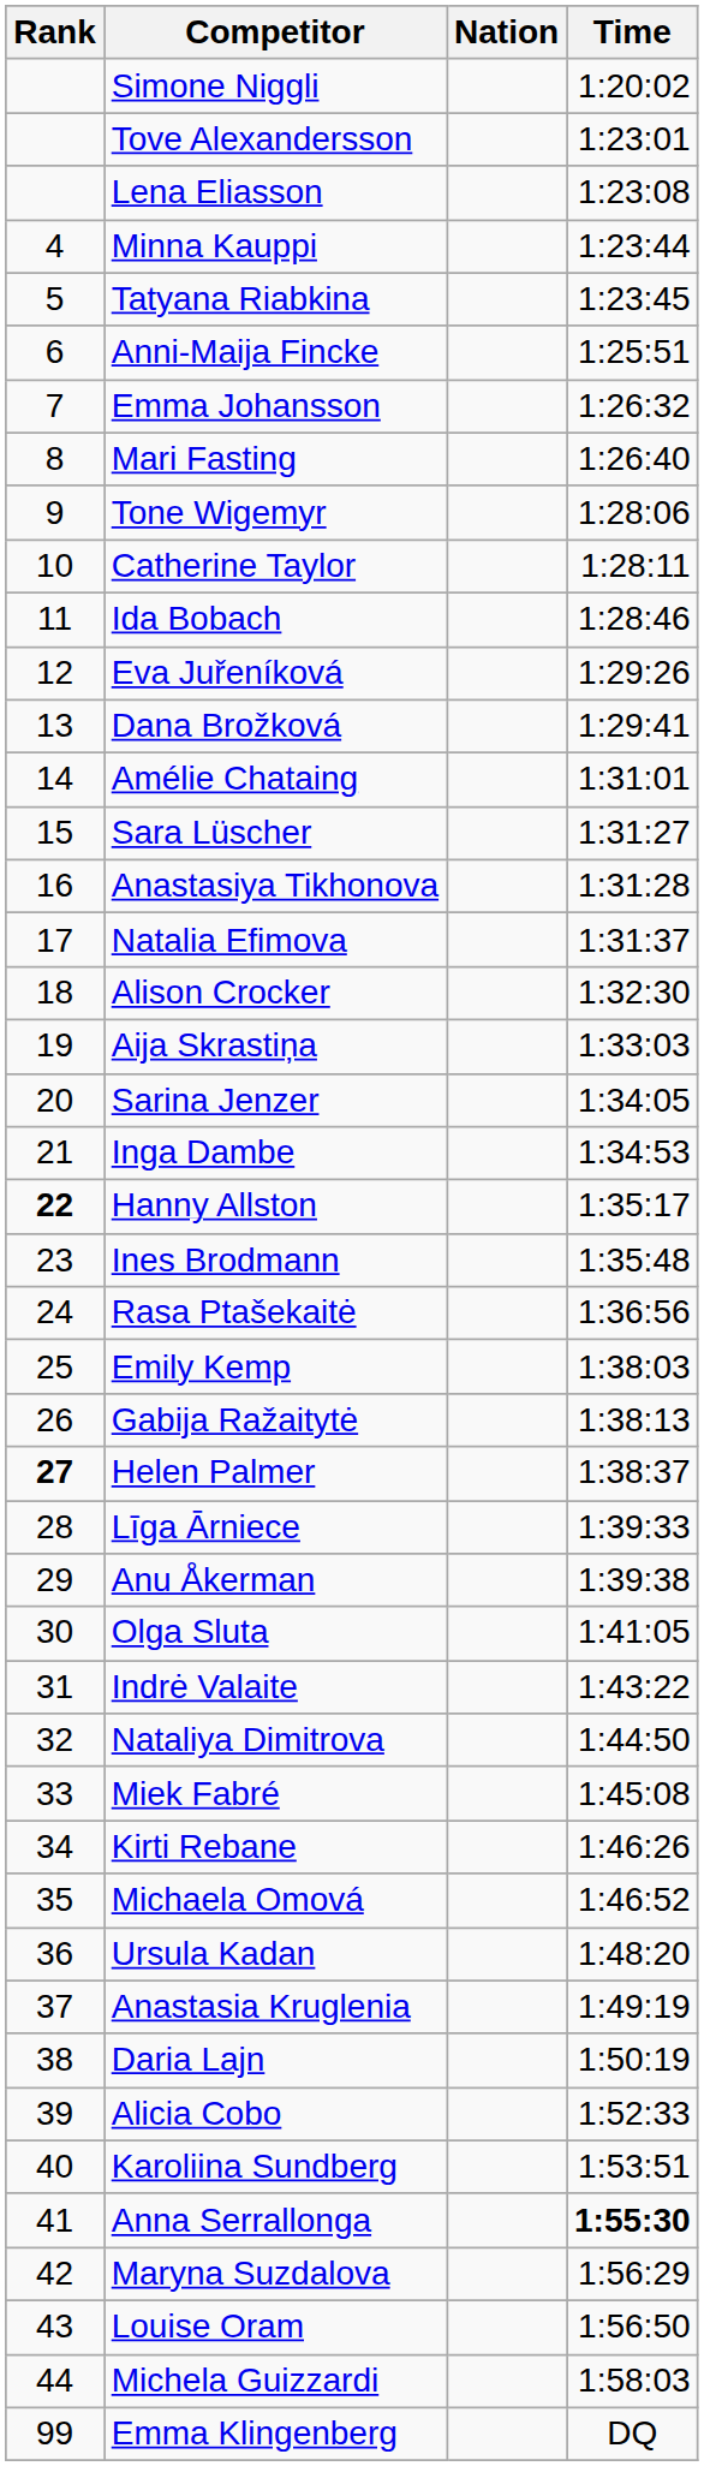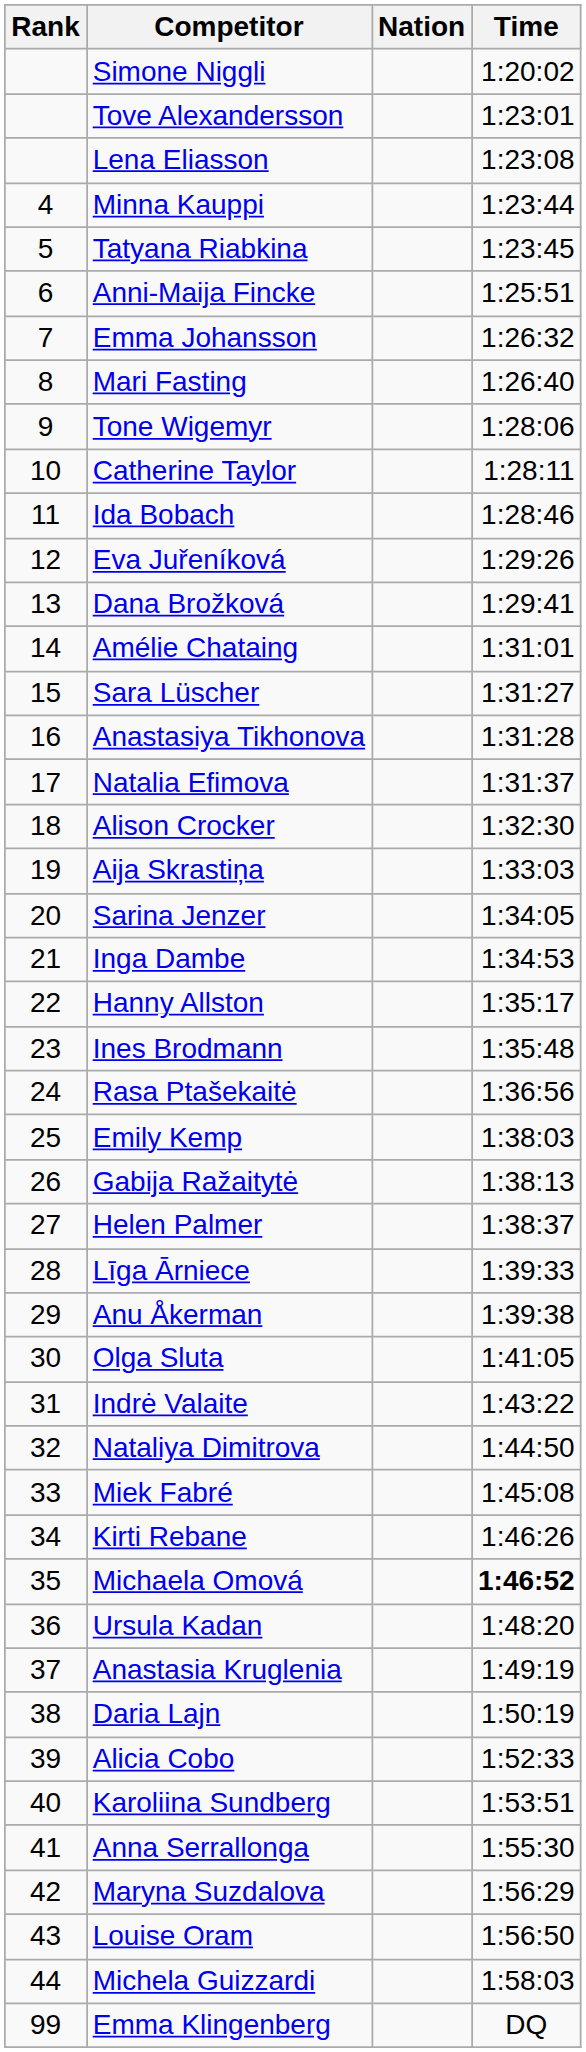 <table class="wikitable sortable" style="text-align:left">
 <tr>
 <th data-sort-type="number">Rank</th>
 <th class="unsortable">Competitor</th>
 <th>Nation</th>
 <th>Time</th>
 </tr>
 <tr>
 <td style="text-align:center"></td>
 <td><a href='#'>Simone Niggli</a></td>
 <td></td>
 <td style="text-align:right">1:20:02</td>
 </tr>
 <tr>
 <td style="text-align:center"></td>
 <td><a href='#'>Tove Alexandersson</a></td>
 <td></td>
 <td style="text-align:right">1:23:01</td>
 </tr>
 <tr>
 <td style="text-align:center"></td>
 <td><a href='#'>Lena Eliasson</a></td>
 <td></td>
 <td style="text-align:right">1:23:08</td>
 </tr>
 <tr>
 <td style="text-align:center">4</td>
 <td><a href='#'>Minna Kauppi</a></td>
 <td></td>
 <td style="text-align:right">1:23:44</td>
 </tr>
 <tr>
 <td style="text-align:center">5</td>
 <td><a href='#'>Tatyana Riabkina</a></td>
 <td></td>
 <td style="text-align:right">1:23:45</td>
 </tr>
 <tr>
 <td style="text-align:center">6</td>
 <td><a href='#'>Anni-Maija Fincke</a></td>
 <td></td>
 <td style="text-align:right">1:25:51</td>
 </tr>
 <tr>
 <td style="text-align:center">7</td>
 <td><a href='#'>Emma Johansson</a></td>
 <td></td>
 <td style="text-align:right">1:26:32</td>
 </tr>
 <tr>
 <td style="text-align:center">8</td>
 <td><a href='#'>Mari Fasting</a></td>
 <td></td>
 <td style="text-align:right">1:26:40</td>
 </tr>
 <tr>
 <td style="text-align:center">9</td>
 <td><a href='#'>Tone Wigemyr</a></td>
 <td></td>
 <td style="text-align:right">1:28:06</td>
 </tr>
 <tr>
 <td style="text-align:center">10</td>
 <td><a href='#'>Catherine Taylor</a></td>
 <td></td>
 <td style="text-align:right">1:28:11</td>
 </tr>
 <tr>
 <td style="text-align:center">11</td>
 <td><a href='#'>Ida Bobach</a></td>
 <td></td>
 <td style="text-align:right">1:28:46</td>
 </tr>
 <tr>
 <td style="text-align:center">12</td>
 <td><a href='#'>Eva Juřeníková</a></td>
 <td></td>
 <td style="text-align:right">1:29:26</td>
 </tr>
 <tr>
 <td style="text-align:center">13</td>
 <td><a href='#'>Dana Brožková</a></td>
 <td></td>
 <td style="text-align:right">1:29:41</td>
 </tr>
 <tr>
 <td style="text-align:center">14</td>
 <td><a href='#'>Amélie Chataing</a></td>
 <td></td>
 <td style="text-align:right">1:31:01</td>
 </tr>
 <tr>
 <td style="text-align:center">15</td>
 <td><a href='#'>Sara Lüscher</a></td>
 <td></td>
 <td style="text-align:right">1:31:27</td>
 </tr>
 <tr>
 <td style="text-align:center">16</td>
 <td><a href='#'>Anastasiya Tikhonova</a></td>
 <td></td>
 <td style="text-align:right">1:31:28</td>
 </tr>
 <tr>
 <td style="text-align:center">17</td>
 <td><a href='#'>Natalia Efimova</a></td>
 <td></td>
 <td style="text-align:right">1:31:37</td>
 </tr>
 <tr>
 <td style="text-align:center">18</td>
 <td><a href='#'>Alison Crocker</a></td>
 <td></td>
 <td style="text-align:right">1:32:30</td>
 </tr>
 <tr>
 <td style="text-align:center">19</td>
 <td><a href='#'>Aija Skrastiņa</a></td>
 <td></td>
 <td style="text-align:right">1:33:03</td>
 </tr>
 <tr>
 <td style="text-align:center">20</td>
 <td><a href='#'>Sarina Jenzer</a></td>
 <td></td>
 <td style="text-align:right">1:34:05</td>
 </tr>
 <tr>
 <td style="text-align:center">21</td>
 <td><a href='#'>Inga Dambe</a></td>
 <td></td>
 <td style="text-align:right">1:34:53</td>
 </tr>
 <tr>
-<td style="text-align:center"><strong>22</strong></td>
+<td style="text-align:center">22</td>
 <td><a href='#'>Hanny Allston</a></td>
 <td></td>
 <td style="text-align:right">1:35:17</td>
 </tr>
 <tr>
 <td style="text-align:center">23</td>
 <td><a href='#'>Ines Brodmann</a></td>
 <td></td>
 <td style="text-align:right">1:35:48</td>
 </tr>
 <tr>
 <td style="text-align:center">24</td>
 <td><a href='#'>Rasa Ptašekaitė</a></td>
 <td></td>
 <td style="text-align:right">1:36:56</td>
 </tr>
 <tr>
 <td style="text-align:center">25</td>
 <td><a href='#'>Emily Kemp</a></td>
 <td></td>
 <td style="text-align:right">1:38:03</td>
 </tr>
 <tr>
 <td style="text-align:center">26</td>
 <td><a href='#'>Gabija Ražaitytė</a></td>
 <td></td>
 <td style="text-align:right">1:38:13</td>
 </tr>
 <tr>
-<td style="text-align:center"><strong>27</strong></td>
+<td style="text-align:center">27</td>
 <td><a href='#'>Helen Palmer</a></td>
 <td></td>
 <td style="text-align:right">1:38:37</td>
 </tr>
 <tr>
 <td style="text-align:center">28</td>
 <td><a href='#'>Līga Ārniece</a></td>
 <td></td>
 <td style="text-align:right">1:39:33</td>
 </tr>
 <tr>
 <td style="text-align:center">29</td>
 <td><a href='#'>Anu Åkerman</a></td>
 <td></td>
 <td style="text-align:right">1:39:38</td>
 </tr>
 <tr>
 <td style="text-align:center">30</td>
 <td><a href='#'>Olga Sluta</a></td>
 <td></td>
 <td style="text-align:right">1:41:05</td>
 </tr>
 <tr>
 <td style="text-align:center">31</td>
 <td><a href='#'>Indrė Valaite</a></td>
 <td></td>
 <td style="text-align:right">1:43:22</td>
 </tr>
 <tr>
 <td style="text-align:center">32</td>
 <td><a href='#'>Nataliya Dimitrova</a></td>
 <td></td>
 <td style="text-align:right">1:44:50</td>
 </tr>
 <tr>
 <td style="text-align:center">33</td>
 <td><a href='#'>Miek Fabré</a></td>
 <td></td>
 <td style="text-align:right">1:45:08</td>
 </tr>
 <tr>
 <td style="text-align:center">34</td>
 <td><a href='#'>Kirti Rebane</a></td>
 <td></td>
 <td style="text-align:right">1:46:26</td>
 </tr>
 <tr>
 <td style="text-align:center">35</td>
 <td><a href='#'>Michaela Omová</a></td>
 <td></td>
-<td style="text-align:right">1:46:52</td>
+<td style="text-align:right"><strong>1:46:52</strong></td>
 </tr>
 <tr>
 <td style="text-align:center">36</td>
 <td><a href='#'>Ursula Kadan</a></td>
 <td></td>
 <td style="text-align:right">1:48:20</td>
 </tr>
 <tr>
 <td style="text-align:center">37</td>
 <td><a href='#'>Anastasia Kruglenia</a></td>
 <td></td>
 <td style="text-align:right">1:49:19</td>
 </tr>
 <tr>
 <td style="text-align:center">38</td>
 <td><a href='#'>Daria Lajn</a></td>
 <td></td>
 <td style="text-align:right">1:50:19</td>
 </tr>
 <tr>
 <td style="text-align:center">39</td>
 <td><a href='#'>Alicia Cobo</a></td>
 <td></td>
 <td style="text-align:right">1:52:33</td>
 </tr>
 <tr>
 <td style="text-align:center">40</td>
 <td><a href='#'>Karoliina Sundberg</a></td>
 <td></td>
 <td style="text-align:right">1:53:51</td>
 </tr>
 <tr>
 <td style="text-align:center">41</td>
 <td><a href='#'>Anna Serrallonga</a></td>
 <td></td>
-<td style="text-align:right"><strong>1:55:30</strong></td>
+<td style="text-align:right">1:55:30</td>
 </tr>
 <tr>
 <td style="text-align:center">42</td>
 <td><a href='#'>Maryna Suzdalova</a></td>
 <td></td>
 <td style="text-align:right">1:56:29</td>
 </tr>
 <tr>
 <td style="text-align:center">43</td>
 <td><a href='#'>Louise Oram</a></td>
 <td></td>
 <td style="text-align:right">1:56:50</td>
 </tr>
 <tr>
 <td style="text-align:center">44</td>
 <td><a href='#'>Michela Guizzardi</a></td>
 <td></td>
 <td style="text-align:right">1:58:03</td>
 </tr>
 <tr>
 <td style="text-align:center"><span>99</span></td>
 <td><a href='#'>Emma Klingenberg</a></td>
 <td></td>
 <td style="text-align:center">DQ</td>
 </tr>
 </table>
